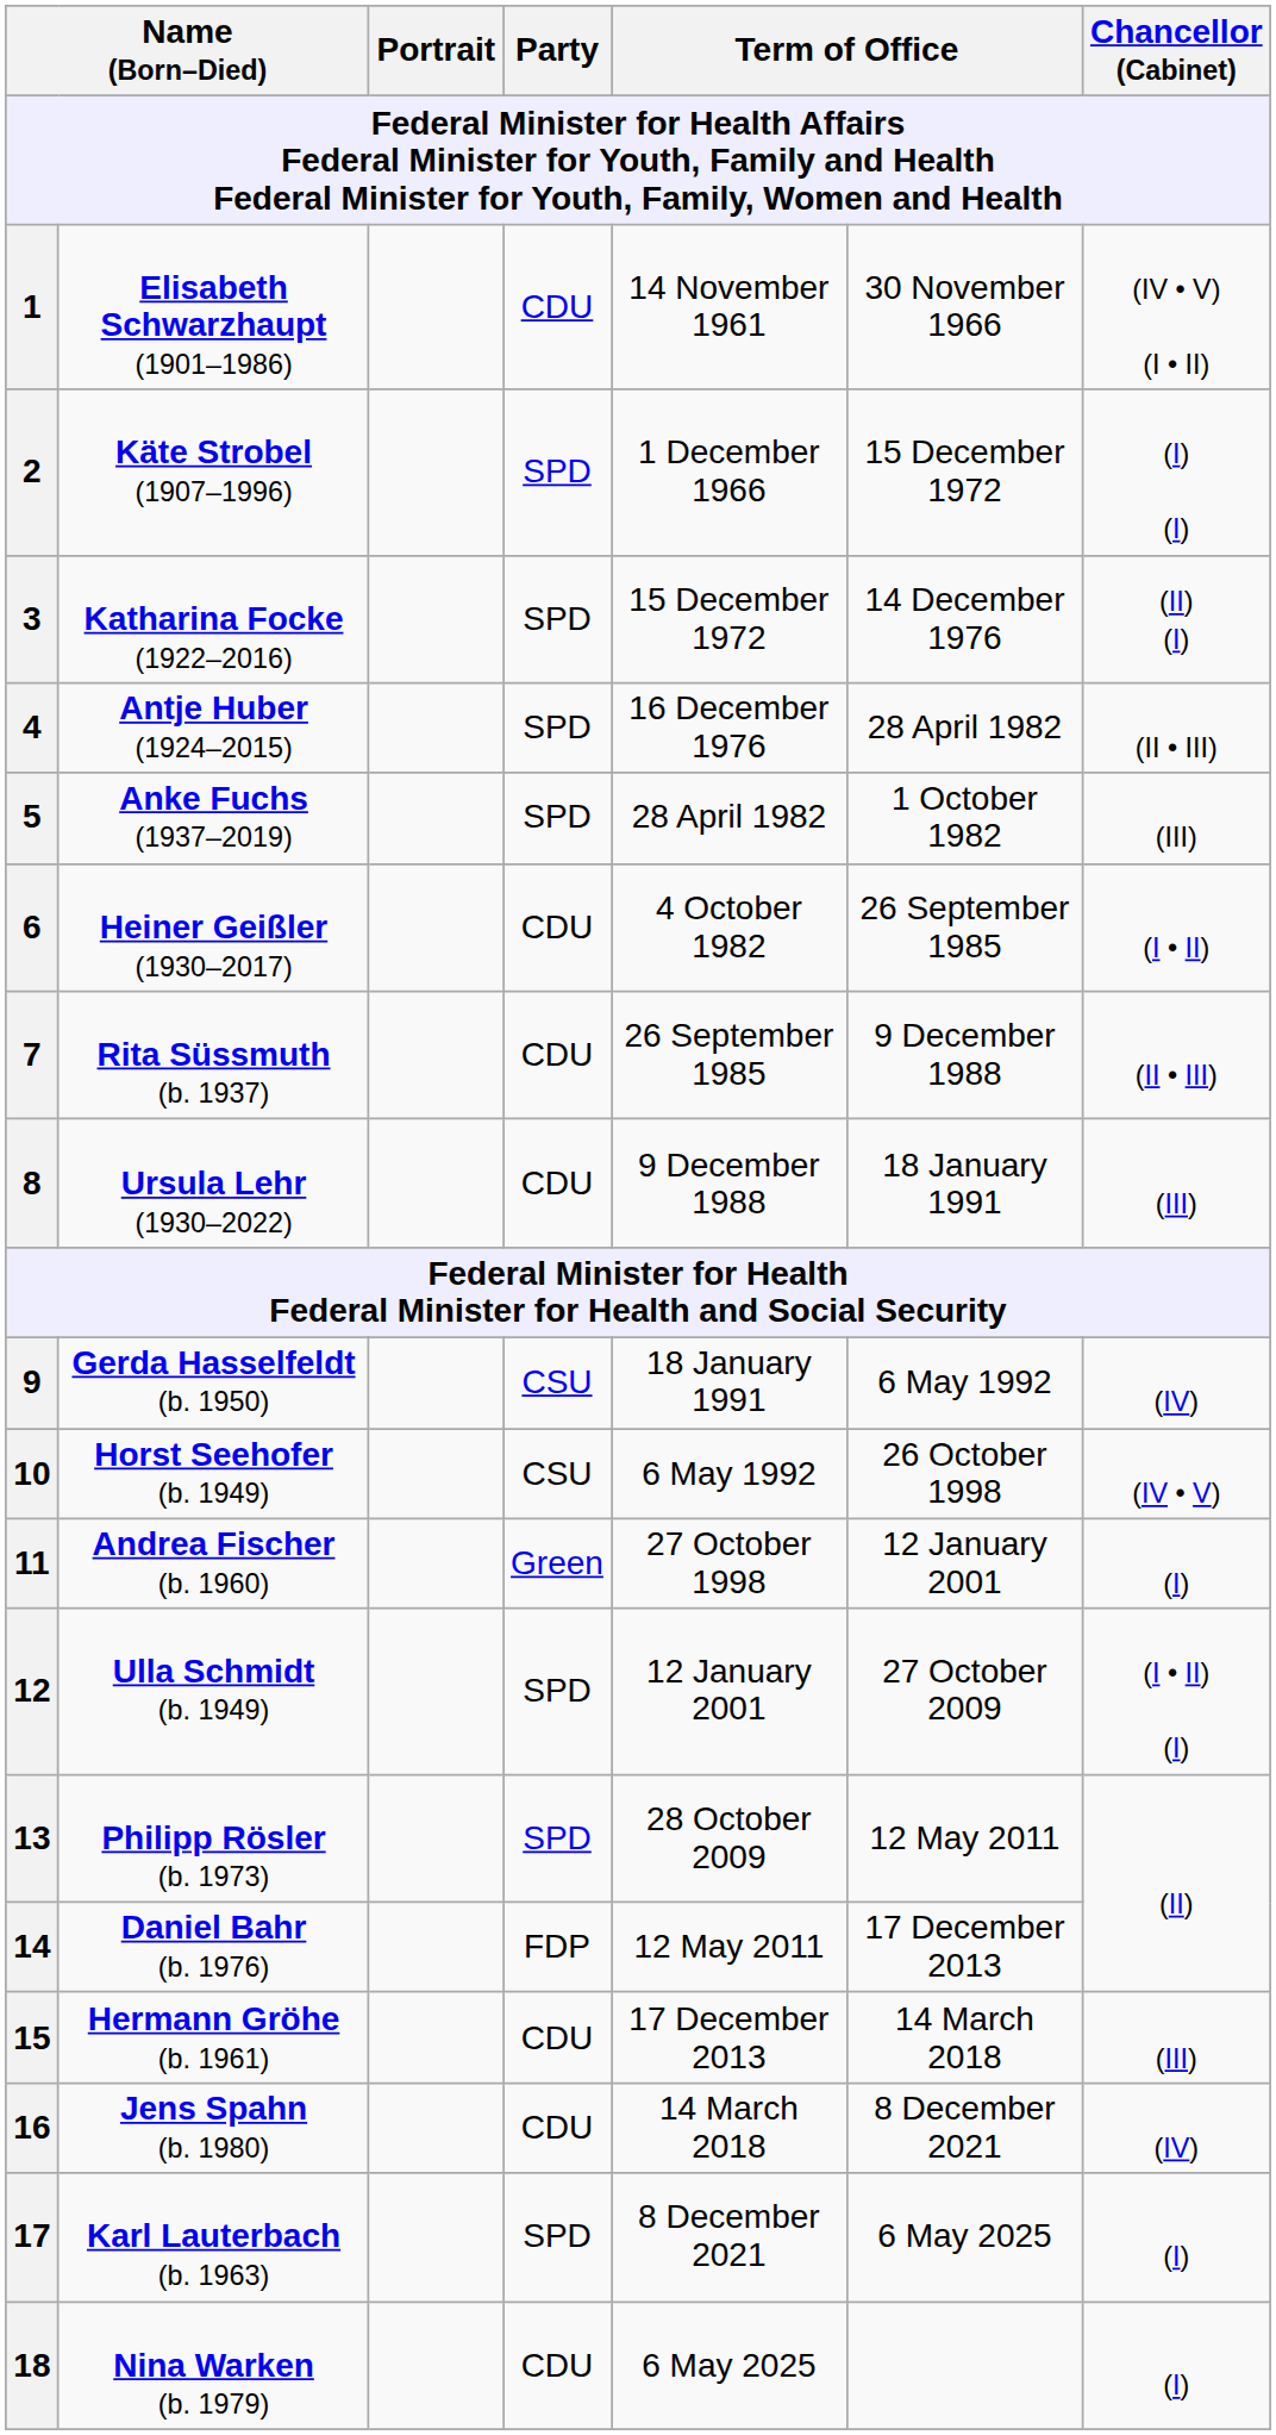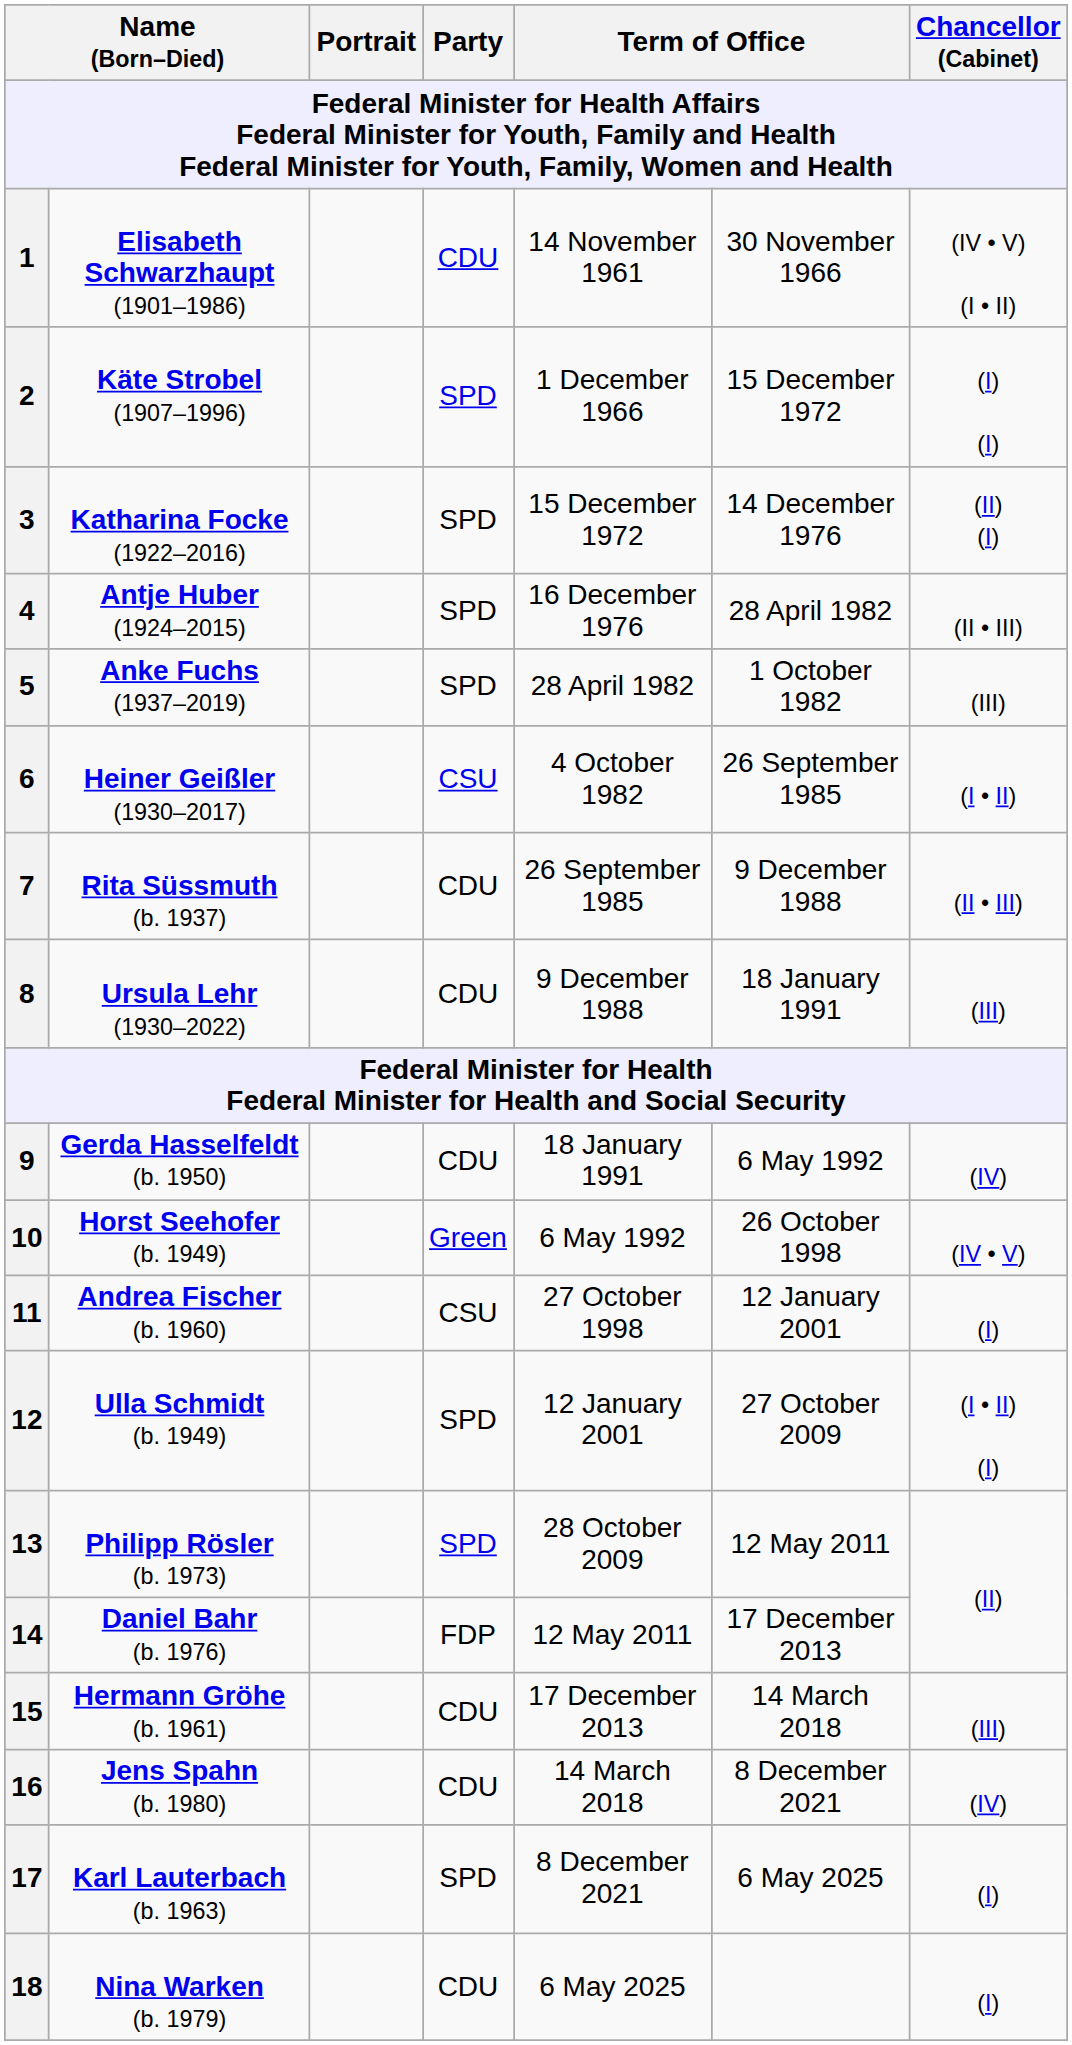 <table class="wikitable" style="text-align:center;">
 <tr>
 <th colspan=2>Name<br><small>(Born–Died)</small></th>
 <th>Portrait</th>
 <th>Party</th>
 <th colspan=2>Term of Office</th>
 <th><a href='#'>Chancellor</a><br><small>(Cabinet)</small></th>
 </tr>
 <tr>
 <th colspan="7" style="background:#EEEEFF">Federal Minister for Health Affairs <br> Federal Minister for Youth, Family and Health <br>Federal Minister for Youth, Family, Women and Health </th>
 </tr>
 <tr>
 <th style="background:">1</th>
 <td><br><strong><a href='#'>Elisabeth Schwarzhaupt</a></strong><br><small>(1901–1986)</small></td>
 <td></td>
 <td><a href='#'>CDU</a></td>
 <td>14 November 1961</td>
 <td>30 November 1966</td>
 <td><br><small>(IV • V)</small><br> <br><small>(I • II)</small></td>
 </tr>
 <tr>
 <th style="background:">2</th>
 <td><strong><a href='#'>Käte Strobel</a></strong><br><small>(1907–1996)</small></td>
 <td></td>
 <td><a href='#'>SPD</a></td>
 <td>1 December 1966</td>
 <td>15 December 1972</td>
 <td><br><small>(<a href='#'>I</a>)</small><br><br><small>(<a href='#'>I</a>)</small></td>
 </tr>
 <tr>
 <th style="background:">3</th>
 <td><br><strong><a href='#'>Katharina Focke</a></strong><br><small>(1922–2016)</small></td>
 <td></td>
 <td>SPD</td>
 <td>15 December 1972</td>
 <td>14 December 1976</td>
 <td> <small>(<a href='#'>II</a>)</small><br>  <small>(<a href='#'>I</a>)</small></td>
 </tr>
 <tr>
 <th style="background:">4</th>
 <td><strong><a href='#'>Antje Huber</a></strong><br><small>(1924–2015)</small></td>
 <td></td>
 <td>SPD</td>
 <td>16 December 1976</td>
 <td>28 April 1982</td>
 <td><br><small>(II • III)</small></td>
 </tr>
 <tr>
 <th style="background:">5</th>
 <td><strong><a href='#'>Anke Fuchs</a></strong><br><small>(1937–2019)</small></td>
 <td></td>
 <td>SPD</td>
 <td>28 April 1982</td>
 <td>1 October 1982</td>
 <td><br><small>(III)</small></td>
 </tr>
 <tr>
 <th style="background:">6</th>
 <td><br><strong><a href='#'>Heiner Geißler</a></strong><br><small>(1930–2017)</small></td>
 <td></td>
-<td>CDU</td>
+<td><a href='#'>CSU</a></td>
 <td>4 October 1982</td>
 <td>26 September 1985</td>
 <td><br><small>(<a href='#'>I</a> • <a href='#'>II</a>)</small></td>
 </tr>
 <tr>
 <th style="background:">7</th>
 <td><br><strong><a href='#'>Rita Süssmuth</a></strong><br><small>(b. 1937)</small></td>
 <td></td>
 <td>CDU</td>
 <td>26 September 1985</td>
 <td>9 December 1988</td>
 <td><br><small>(<a href='#'>II</a> • <a href='#'>III</a>)</small></td>
 </tr>
 <tr>
 <th style="background:">8</th>
 <td><br><strong><a href='#'>Ursula Lehr</a></strong><br><small>(1930–2022)</small></td>
 <td></td>
 <td>CDU</td>
 <td>9 December 1988</td>
 <td>18 January 1991</td>
 <td><br><small>(<a href='#'>III</a>)</small></td>
 </tr>
 <tr>
 <th colspan="7" style="background:#EEEEFF" align="center">Federal Minister for Health <br>Federal Minister for Health and Social Security </th>
 </tr>
 <tr>
 <th style="background:">9</th>
 <td><strong><a href='#'>Gerda Hasselfeldt</a></strong><br><small>(b. 1950)</small></td>
 <td></td>
-<td><a href='#'>CSU</a></td>
+<td>CDU</td>
 <td>18 January 1991</td>
 <td>6 May 1992</td>
 <td><br><small>(<a href='#'>IV</a>)</small></td>
 </tr>
 <tr>
 <th style="background:">10</th>
 <td><strong><a href='#'>Horst Seehofer</a></strong><br><small>(b. 1949)</small></td>
 <td></td>
-<td>CSU</td>
+<td><a href='#'>Green</a></td>
 <td>6 May 1992</td>
 <td>26 October 1998</td>
 <td><br><small>(<a href='#'>IV</a> • <a href='#'>V</a>)</small></td>
 </tr>
 <tr>
 <th style="background:">11</th>
 <td><strong><a href='#'>Andrea Fischer</a></strong><br><small>(b. 1960)</small></td>
 <td></td>
-<td><a href='#'>Green</a></td>
+<td>CSU</td>
 <td>27 October 1998</td>
 <td>12 January 2001</td>
 <td><br><small>(<a href='#'>I</a>)</small></td>
 </tr>
 <tr>
 <th style="background:">12</th>
 <td><strong><a href='#'>Ulla Schmidt</a></strong><br><small>(b. 1949)</small></td>
 <td></td>
 <td>SPD</td>
 <td>12 January 2001</td>
 <td>27 October 2009</td>
 <td><br><small>(<a href='#'>I</a> • <a href='#'>II</a>)</small><br><br><small>(<a href='#'>I</a>)</small></td>
 </tr>
 <tr>
 <th style="background:">13</th>
 <td><br><strong><a href='#'>Philipp Rösler</a></strong><br><small>(b. 1973)</small></td>
 <td></td>
 <td><a href='#'>SPD</a></td>
 <td>28 October 2009</td>
 <td>12 May 2011</td>
 <td rowspan=2><br><small>(<a href='#'>II</a>)</small></td>
 </tr>
 <tr>
 <th style="background:">14</th>
 <td><strong><a href='#'>Daniel Bahr</a></strong><br><small>(b. 1976)</small></td>
 <td></td>
 <td>FDP</td>
 <td>12 May 2011</td>
 <td>17 December 2013</td>
 </tr>
 <tr>
 <th style="background:">15</th>
 <td><strong><a href='#'>Hermann Gröhe</a></strong><br><small>(b. 1961)</small></td>
 <td></td>
 <td>CDU</td>
 <td>17 December 2013</td>
 <td>14 March 2018</td>
 <td><br><small>(<a href='#'>III</a>)</small></td>
 </tr>
 <tr>
 <th style="background:">16</th>
 <td><strong><a href='#'>Jens Spahn</a></strong><br><small>(b. 1980)</small></td>
 <td></td>
 <td>CDU</td>
 <td>14 March 2018</td>
 <td>8 December 2021</td>
 <td><br><small>(<a href='#'>IV</a>)</small></td>
 </tr>
 <tr>
 <th style="background:">17</th>
 <td><br><strong><a href='#'>Karl Lauterbach</a></strong><br><small>(b. 1963)</small></td>
 <td></td>
 <td>SPD</td>
 <td>8 December 2021</td>
 <td>6 May 2025</td>
 <td><br><small>(<a href='#'>I</a>)</small></td>
 </tr>
 <tr>
 <th style="background:">18</th>
 <td><br><strong><a href='#'>Nina Warken</a></strong><br><small>(b. 1979)</small></td>
 <td></td>
 <td>CDU</td>
 <td>6 May 2025</td>
 <td></td>
 <td><br><small>(<a href='#'>I</a>)</small></td>
 </tr>
 </table>
